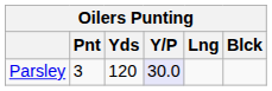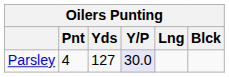 <table class="wikitable">
 <tr>
 <th colspan="6">Oilers Punting</th>
 </tr>
 <tr>
 <th></th>
 <th>Pnt</th>
 <th>Yds</th>
 <th>Y/P</th>
 <th>Lng</th>
 <th>Blck</th>
 </tr>
 <tr>
 <td><a href='#'>Parsley</a></td>
-<td>3</td>
-<td>120</td>
+<td>4</td>
+<td>127</td>
 <td style="background: lavender;">30.0</td>
 <td></td>
 <td></td>
 </tr>
 </table>
